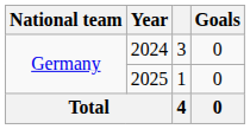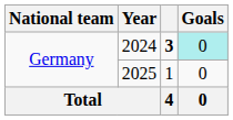 <table class="wikitable" style="text-align: center">
 <tr>
 <th>National team</th>
 <th>Year</th>
 <th></th>
 <th>Goals</th>
 </tr>
 <tr>
 <td rowspan=2><a href='#'>Germany</a></td>
 <td>2024</td>
-<td>3</td>
-<td>0</td>
+<td><strong>3</strong></td>
+<td style="background: paleturquoise;">0</td>
 </tr>
 <tr>
 <td>2025</td>
 <td>1</td>
 <td>0</td>
 </tr>
 <tr>
 <th colspan="2">Total</th>
 <th>4</th>
 <th>0</th>
 </tr>
 </table>
